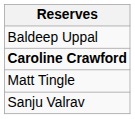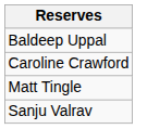 <table class="wikitable mw-collapsible mw-collapsed">
 <tr>
 <th>Reserves</th>
 </tr>
 <tr>
 <td>Baldeep Uppal</td>
 </tr>
 <tr>
-<td><strong>Caroline Crawford</strong></td>
+<td>Caroline Crawford</td>
 </tr>
 <tr>
 <td>Matt Tingle</td>
 </tr>
 <tr>
 <td>Sanju Valrav</td>
 </tr>
 </table>
